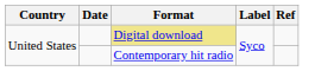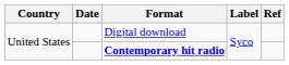 <table class="wikitable">
 <tr>
 <th>Country</th>
 <th>Date</th>
 <th>Format</th>
 <th>Label</th>
 <th>Ref</th>
 </tr>
 <tr>
 <td rowspan="2">United States</td>
 <td></td>
-<td style="background: khaki;"><a href='#'>Digital download</a></td>
+<td><a href='#'>Digital download</a></td>
 <td rowspan="2"><a href='#'>Syco</a></td>
 <td></td>
 </tr>
 <tr>
 <td></td>
-<td><a href='#'>Contemporary hit radio</a></td>
+<td><strong><a href='#'>Contemporary hit radio</a></strong></td>
 <td></td>
 </tr>
 </table>
